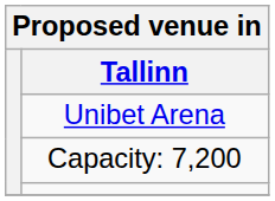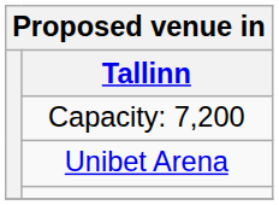 <table class="wikitable" style="text-align:center">
 <tr>
 <th colspan="3">Proposed venue in </th>
 </tr>
 <tr>
 <th rowspan="4" colspan="2"></th>
 <th><a href='#'>Tallinn</a></th>
 </tr>
 <tr>
-<td><a href='#'>Unibet Arena</a></td>
+<td>Capacity: 7,200</td>
 </tr>
 <tr>
-<td>Capacity: 7,200</td>
+<td><a href='#'>Unibet Arena</a></td>
 </tr>
 <tr>
 <td></td>
 </tr>
 <tr>
 </tr>
 </table>
